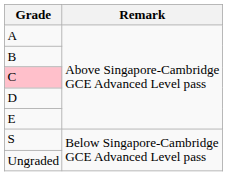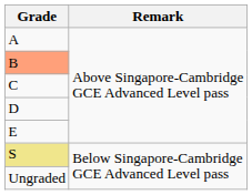 <table class="wikitable">
 <tr>
 <th>Grade</th>
 <th>Remark</th>
 </tr>
 <tr>
 <td>A</td>
 <td rowspan="5">Above Singapore-Cambridge<br>GCE Advanced Level pass</td>
 </tr>
 <tr>
-<td>B</td>
+<td style="background: lightsalmon;">B</td>
 </tr>
 <tr>
-<td style="background: pink;">C</td>
+<td>C</td>
 </tr>
 <tr>
 <td>D</td>
 </tr>
 <tr>
 <td>E</td>
 </tr>
 <tr>
-<td>S</td>
+<td style="background: khaki;">S</td>
 <td rowspan="2">Below Singapore-Cambridge<br>GCE Advanced Level pass</td>
 </tr>
 <tr>
 <td>Ungraded</td>
 </tr>
 </table>
